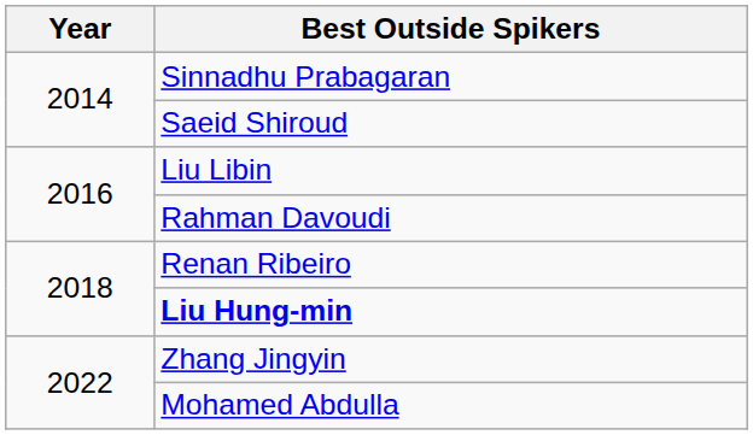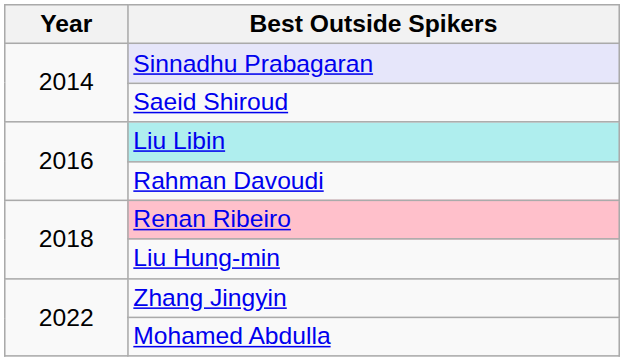 <table class="wikitable" style="width: 400px;">
 <tr>
 <th style="width: 20%;">Year</th>
 <th style="width: 80%;">Best Outside Spikers</th>
 </tr>
 <tr>
 <td align=center rowspan=2>2014</td>
-<td> <a href='#'>Sinnadhu Prabagaran</a></td>
+<td style="background: lavender;"> <a href='#'>Sinnadhu Prabagaran</a></td>
 </tr>
 <tr>
 <td> <a href='#'>Saeid Shiroud</a></td>
 </tr>
 <tr>
 <td align=center rowspan=2>2016</td>
-<td> <a href='#'>Liu Libin</a></td>
+<td style="background: paleturquoise;"> <a href='#'>Liu Libin</a></td>
 </tr>
 <tr>
 <td> <a href='#'>Rahman Davoudi</a></td>
 </tr>
 <tr>
 <td align=center rowspan=2>2018</td>
-<td> <a href='#'>Renan Ribeiro</a></td>
+<td style="background: pink;"> <a href='#'>Renan Ribeiro</a></td>
 </tr>
 <tr>
-<td><strong> <a href='#'>Liu Hung-min</a></strong></td>
+<td> <a href='#'>Liu Hung-min</a></td>
 </tr>
 <tr>
 <td align=center rowspan=2>2022</td>
 <td> <a href='#'>Zhang Jingyin</a></td>
 </tr>
 <tr>
 <td> <a href='#'>Mohamed Abdulla</a></td>
 </tr>
 </table>
